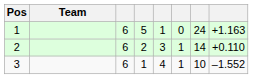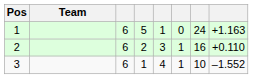 <table class="wikitable" style="text-align:center">
 <tr>
 <th>Pos</th>
 <th width="120">Team</th>
 <th width="20"></th>
 <th width="20"></th>
 <th width="20"></th>
 <th width="20"></th>
 <th width="20"></th>
 <th width="50"><a href='#'></a></th>
 </tr>
 <tr bgcolor="#ddffdd">
 <td>1</td>
 <td align="left"></td>
 <td>6</td>
 <td>5</td>
 <td>1</td>
 <td>0</td>
 <td>24</td>
 <td>+1.163</td>
 </tr>
 <tr bgcolor="#ddffdd">
 <td>2</td>
 <td align="left"></td>
 <td>6</td>
 <td>2</td>
 <td>3</td>
 <td>1</td>
-<td>14</td>
+<td>16</td>
 <td>+0.110</td>
 </tr>
 <tr>
 <td>3</td>
 <td align="left"></td>
 <td>6</td>
 <td>1</td>
 <td>4</td>
 <td>1</td>
 <td>10</td>
 <td>–1.552</td>
 </tr>
 </table>
